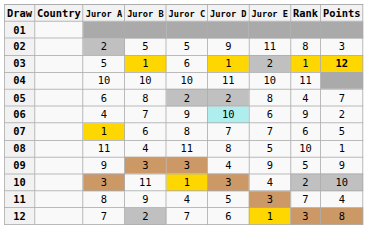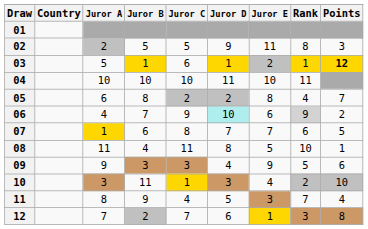 <table class="sortable wikitable collapsible plainrowheaders" style="text-align:center;">
 <tr>
 </tr>
 <tr>
 <th scope="col">Draw</th>
 <th scope="col">Country</th>
 <th scope="col"><small>Juror A</small></th>
 <th scope="col"><small>Juror B</small></th>
 <th scope="col"><small>Juror C</small></th>
 <th scope="col"><small>Juror D</small></th>
 <th scope="col"><small>Juror E</small></th>
 <th scope="col">Rank</th>
 <th scope="col">Points</th>
 </tr>
 <tr class="sortbottom">
 <th scope="row" style="text-align:center;">01</th>
 <td style="text-align:left;"></td>
 <td style="background:#AAAAAA;"></td>
 <td style="background:#AAAAAA;"></td>
 <td style="background:#AAAAAA;"></td>
 <td style="background:#AAAAAA;"></td>
 <td style="background:#AAAAAA;"></td>
 <td style="background:#AAAAAA;"></td>
 <td style="background:#AAAAAA;"></td>
 </tr>
 <tr>
 <th scope="row" style="text-align:center;">02</th>
 <td style="text-align:left;"></td>
 <td style="background:silver;">2</td>
 <td>5</td>
 <td>5</td>
 <td>9</td>
 <td>11</td>
 <td>8</td>
 <td>3</td>
 </tr>
 <tr>
 <th scope="row" style="text-align:center;">03</th>
 <td style="text-align:left;"></td>
 <td>5</td>
 <td style="background:gold;">1</td>
 <td>6</td>
 <td style="background:gold;">1</td>
 <td style="background:silver;">2</td>
 <td style="background:gold;">1</td>
 <td style="background:gold;"><strong>12</strong></td>
 </tr>
 <tr>
 <th scope="row" style="text-align:center;">04</th>
 <td style="text-align:left;"></td>
 <td>10</td>
 <td>10</td>
 <td>10</td>
 <td>11</td>
 <td>10</td>
 <td>11</td>
 <td style="background:#AAAAAA;"></td>
 </tr>
 <tr>
 <th scope="row" style="text-align:center;">05</th>
 <td style="text-align:left;"></td>
 <td>6</td>
 <td>8</td>
 <td style="background:silver;">2</td>
 <td style="background:silver;">2</td>
 <td>8</td>
 <td>4</td>
 <td>7</td>
 </tr>
 <tr>
 <th scope="row" style="text-align:center;">06</th>
 <td style="text-align:left;"></td>
 <td>4</td>
 <td>7</td>
 <td>9</td>
 <td style="background: paleturquoise;">10</td>
 <td>6</td>
-<td>9</td>
+<td style="background: lightgrey;">9</td>
 <td>2</td>
 </tr>
 <tr>
 <th scope="row" style="text-align:center;">07</th>
 <td style="text-align:left;"></td>
 <td style="background:gold;">1</td>
 <td>6</td>
 <td>8</td>
 <td>7</td>
 <td>7</td>
 <td>6</td>
 <td>5</td>
 </tr>
 <tr>
 <th scope="row" style="text-align:center;">08</th>
 <td style="text-align:left;"></td>
 <td>11</td>
 <td>4</td>
 <td>11</td>
 <td>8</td>
 <td>5</td>
 <td>10</td>
 <td>1</td>
 </tr>
 <tr>
 <th scope="row" style="text-align:center;">09</th>
 <td style="text-align:left;"></td>
 <td>9</td>
 <td style="background:#CC9966;">3</td>
 <td style="background:#CC9966;">3</td>
 <td>4</td>
 <td>9</td>
 <td>5</td>
-<td>9</td>
+<td>6</td>
 </tr>
 <tr>
 <th scope="row" style="text-align:center;">10</th>
 <td style="text-align:left;"></td>
 <td style="background:#CC9966;">3</td>
 <td>11</td>
 <td style="background:gold;">1</td>
 <td style="background:#CC9966;">3</td>
 <td>4</td>
 <td style="background:silver;">2</td>
 <td style="background:silver;">10</td>
 </tr>
 <tr>
 <th scope="row" style="text-align:center;">11</th>
 <td style="text-align:left;"></td>
 <td>8</td>
 <td>9</td>
 <td>4</td>
 <td>5</td>
 <td style="background:#CC9966;">3</td>
 <td>7</td>
 <td>4</td>
 </tr>
 <tr>
 <th scope="row" style="text-align:center;">12</th>
 <td style="text-align:left;"></td>
 <td>7</td>
 <td style="background:silver;">2</td>
 <td>7</td>
 <td>6</td>
 <td style="background:gold;">1</td>
 <td style="background:#CC9966;">3</td>
 <td style="background:#CC9966;">8</td>
 </tr>
 </table>
